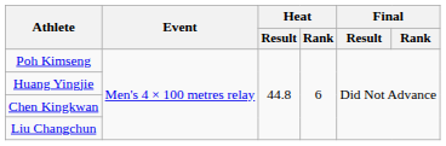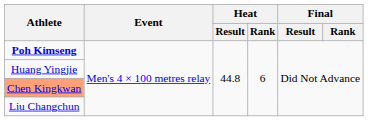 <table class="wikitable" style="font-size:90%">
 <tr>
 <th rowspan=2>Athlete</th>
 <th rowspan=2>Event</th>
 <th colspan=2>Heat</th>
 <th colspan=2>Final</th>
 </tr>
 <tr style="font-size:95%">
 <th>Result</th>
 <th>Rank</th>
 <th>Result</th>
 <th>Rank</th>
 </tr>
 <tr align=center>
-<td><a href='#'>Poh Kimseng</a></td>
+<td><strong><a href='#'>Poh Kimseng</a></strong></td>
 <td rowspan=4><a href='#'>Men's 4 × 100 metres relay</a></td>
 <td rowspan=4>44.8</td>
 <td rowspan=4>6</td>
 <td rowspan=4 colspan=2>Did Not Advance</td>
 </tr>
 <tr align=center>
 <td><a href='#'>Huang Yingjie</a></td>
 </tr>
 <tr align=center>
-<td><a href='#'>Chen Kingkwan</a></td>
+<td style="background: lightsalmon;"><a href='#'>Chen Kingkwan</a></td>
 </tr>
 <tr align=center>
 <td><a href='#'>Liu Changchun</a></td>
 </tr>
 </table>
